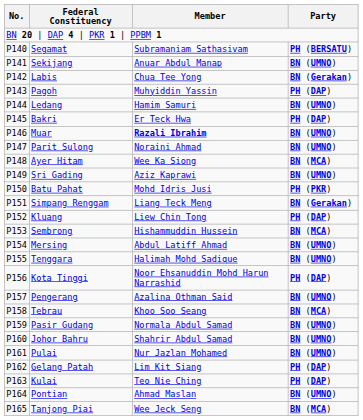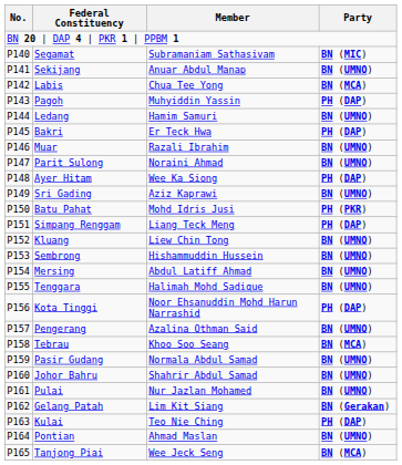 <table class ="wikitable sortable">
 <tr>
 <th style="width:30px;">No.</th>
 <th style="width:150px;">Federal Constituency</th>
 <th style="width:230px;">Member</th>
 <th style="width:100px;">Party</th>
 </tr>
 <tr>
 <td colspan="4"><a href='#'>BN</a> <strong>20</strong> | <a href='#'>DAP</a> <strong>4</strong> | <a href='#'>PKR</a> <strong>1</strong> | <a href='#'>PPBM</a> <strong>1</strong></td>
 </tr>
 <tr>
 <td>P140</td>
 <td><a href='#'>Segamat</a></td>
 <td><a href='#'>Subramaniam Sathasivam</a></td>
-<td><strong><a href='#'>PH</a></strong> (<strong><a href='#'>BERSATU</a></strong>)</td>
+<td><strong><a href='#'>BN</a></strong> (<strong><a href='#'>MIC</a></strong>)</td>
 </tr>
 <tr>
 <td>P141</td>
 <td><a href='#'>Sekijang</a></td>
 <td><a href='#'>Anuar Abdul Manap</a></td>
 <td><strong><a href='#'>BN</a></strong> (<strong><a href='#'>UMNO</a></strong>)</td>
 </tr>
 <tr>
 <td>P142</td>
 <td><a href='#'>Labis</a></td>
 <td><a href='#'>Chua Tee Yong</a></td>
-<td><strong><a href='#'>BN</a></strong> (<strong><a href='#'>Gerakan</a></strong>)</td>
+<td><strong><a href='#'>BN</a></strong> (<strong><a href='#'>MCA</a></strong>)</td>
 </tr>
 <tr>
 <td>P143</td>
 <td><a href='#'>Pagoh</a></td>
 <td><a href='#'>Muhyiddin Yassin</a></td>
 <td><strong><a href='#'>PH</a></strong> (<strong><a href='#'>DAP</a></strong>)</td>
 </tr>
 <tr>
 <td>P144</td>
 <td><a href='#'>Ledang</a></td>
 <td><a href='#'>Hamim Samuri</a></td>
 <td><strong><a href='#'>BN</a></strong> (<strong><a href='#'>UMNO</a></strong>)</td>
 </tr>
 <tr>
 <td>P145</td>
 <td><a href='#'>Bakri</a></td>
 <td><a href='#'>Er Teck Hwa</a></td>
 <td><strong><a href='#'>PH</a></strong> (<strong><a href='#'>DAP</a></strong>)</td>
 </tr>
 <tr>
 <td>P146</td>
 <td><a href='#'>Muar</a></td>
-<td><strong><a href='#'>Razali Ibrahim</a></strong></td>
+<td><a href='#'>Razali Ibrahim</a></td>
 <td><strong><a href='#'>BN</a></strong> (<strong><a href='#'>UMNO</a></strong>)</td>
 </tr>
 <tr>
 <td>P147</td>
 <td><a href='#'>Parit Sulong</a></td>
 <td><a href='#'>Noraini Ahmad</a></td>
 <td><strong><a href='#'>BN</a></strong> (<strong><a href='#'>UMNO</a></strong>)</td>
 </tr>
 <tr>
 <td>P148</td>
 <td><a href='#'>Ayer Hitam</a></td>
 <td><a href='#'>Wee Ka Siong</a></td>
-<td><strong><a href='#'>BN</a></strong> (<strong><a href='#'>MCA</a></strong>)</td>
+<td><strong><a href='#'>PH</a></strong> (<strong><a href='#'>DAP</a></strong>)</td>
 </tr>
 <tr>
 <td>P149</td>
 <td><a href='#'>Sri Gading</a></td>
 <td><a href='#'>Aziz Kaprawi</a></td>
 <td><strong><a href='#'>BN</a></strong> (<strong><a href='#'>UMNO</a></strong>)</td>
 </tr>
 <tr>
 <td>P150</td>
 <td><a href='#'>Batu Pahat</a></td>
 <td><a href='#'>Mohd Idris Jusi</a></td>
 <td><strong><a href='#'>PH</a></strong> (<strong><a href='#'>PKR</a></strong>)</td>
 </tr>
 <tr>
 <td>P151</td>
 <td><a href='#'>Simpang Renggam</a></td>
 <td><a href='#'>Liang Teck Meng</a></td>
-<td><strong><a href='#'>BN</a></strong> (<strong><a href='#'>Gerakan</a></strong>)</td>
+<td><strong><a href='#'>PH</a></strong> (<strong><a href='#'>DAP</a></strong>)</td>
 </tr>
 <tr>
 <td>P152</td>
 <td><a href='#'>Kluang</a></td>
 <td><a href='#'>Liew Chin Tong</a></td>
-<td><strong><a href='#'>PH</a></strong> (<strong><a href='#'>DAP</a></strong>)</td>
+<td><strong><a href='#'>BN</a></strong> (<strong><a href='#'>UMNO</a></strong>)</td>
 </tr>
 <tr>
 <td>P153</td>
 <td><a href='#'>Sembrong</a></td>
 <td><a href='#'>Hishammuddin Hussein</a></td>
-<td><strong><a href='#'>BN</a></strong> (<strong><a href='#'>MCA</a></strong>)</td>
+<td><strong><a href='#'>BN</a></strong> (<strong><a href='#'>UMNO</a></strong>)</td>
 </tr>
 <tr>
 <td>P154</td>
 <td><a href='#'>Mersing</a></td>
 <td><a href='#'>Abdul Latiff Ahmad</a></td>
 <td><strong><a href='#'>BN</a></strong> (<strong><a href='#'>UMNO</a></strong>)</td>
 </tr>
 <tr>
 <td>P155</td>
 <td><a href='#'>Tenggara</a></td>
 <td><a href='#'>Halimah Mohd Sadique</a></td>
 <td><strong><a href='#'>BN</a></strong> (<strong><a href='#'>UMNO</a></strong>)</td>
 </tr>
 <tr>
 <td>P156</td>
 <td><a href='#'>Kota Tinggi</a></td>
 <td><a href='#'>Noor Ehsanuddin Mohd Harun Narrashid</a></td>
 <td><strong><a href='#'>PH</a></strong> (<strong><a href='#'>DAP</a></strong>)</td>
 </tr>
 <tr>
 <td>P157</td>
 <td><a href='#'>Pengerang</a></td>
 <td><a href='#'>Azalina Othman Said</a></td>
 <td><strong><a href='#'>BN</a></strong> (<strong><a href='#'>UMNO</a></strong>)</td>
 </tr>
 <tr>
 <td>P158</td>
 <td><a href='#'>Tebrau</a></td>
 <td><a href='#'>Khoo Soo Seang</a></td>
 <td><strong><a href='#'>BN</a></strong> (<strong><a href='#'>MCA</a></strong>)</td>
 </tr>
 <tr>
 <td>P159</td>
 <td><a href='#'>Pasir Gudang</a></td>
 <td><a href='#'>Normala Abdul Samad</a></td>
 <td><strong><a href='#'>BN</a></strong> (<strong><a href='#'>UMNO</a></strong>)</td>
 </tr>
 <tr>
 <td>P160</td>
 <td><a href='#'>Johor Bahru</a></td>
 <td><a href='#'>Shahrir Abdul Samad</a></td>
 <td><strong><a href='#'>BN</a></strong> (<strong><a href='#'>UMNO</a></strong>)</td>
 </tr>
 <tr>
 <td>P161</td>
 <td><a href='#'>Pulai</a></td>
 <td><a href='#'>Nur Jazlan Mohamed</a></td>
 <td><strong><a href='#'>BN</a></strong> (<strong><a href='#'>UMNO</a></strong>)</td>
 </tr>
 <tr>
 <td>P162</td>
 <td><a href='#'>Gelang Patah</a></td>
 <td><a href='#'>Lim Kit Siang</a></td>
-<td><strong><a href='#'>PH</a></strong> (<strong><a href='#'>DAP</a></strong>)</td>
+<td><strong><a href='#'>BN</a></strong> (<strong><a href='#'>Gerakan</a></strong>)</td>
 </tr>
 <tr>
 <td>P163</td>
 <td><a href='#'>Kulai</a></td>
 <td><a href='#'>Teo Nie Ching</a></td>
 <td><strong><a href='#'>PH</a></strong> (<strong><a href='#'>DAP</a></strong>)</td>
 </tr>
 <tr>
 <td>P164</td>
 <td><a href='#'>Pontian</a></td>
 <td><a href='#'>Ahmad Maslan</a></td>
 <td><strong><a href='#'>BN</a></strong> (<strong><a href='#'>UMNO</a></strong>)</td>
 </tr>
 <tr>
 <td>P165</td>
 <td><a href='#'>Tanjong Piai</a></td>
 <td><a href='#'>Wee Jeck Seng</a></td>
 <td><strong><a href='#'>BN</a></strong> (<strong><a href='#'>MCA</a></strong>)</td>
 </tr>
 </table>
